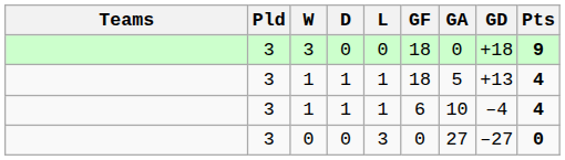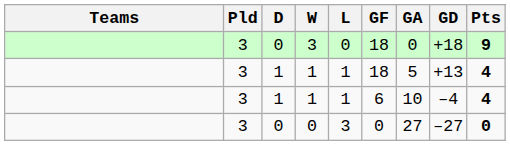 <table class="wikitable" style="text-align: center;">
 <tr>
 <th width=165>Teams</th>
 <th width=20>Pld</th>
+<th width=20>D</th>
 <th width=20>W</th>
-<th width=20>D</th>
 <th width=20>L</th>
 <th width=20>GF</th>
 <th width=20>GA</th>
 <th width=20>GD</th>
 <th width=20>Pts</th>
 </tr>
 <tr align=center style="background:#ccffcc;">
 <td style="text-align:left;"></td>
 <td>3</td>
+<td>0</td>
 <td>3</td>
-<td>0</td>
 <td>0</td>
 <td>18</td>
 <td>0</td>
 <td>+18</td>
 <td><strong>9</strong></td>
 </tr>
 <tr align=center>
 <td style="text-align:left;"></td>
 <td>3</td>
 <td>1</td>
 <td>1</td>
 <td>1</td>
 <td>18</td>
 <td>5</td>
 <td>+13</td>
 <td><strong>4</strong></td>
 </tr>
 <tr align=center>
 <td style="text-align:left;"></td>
 <td>3</td>
 <td>1</td>
 <td>1</td>
 <td>1</td>
 <td>6</td>
 <td>10</td>
 <td>–4</td>
 <td><strong>4</strong></td>
 </tr>
 <tr align=center>
 <td style="text-align:left;"></td>
 <td>3</td>
 <td>0</td>
 <td>0</td>
 <td>3</td>
 <td>0</td>
 <td>27</td>
 <td>–27</td>
 <td><strong>0</strong></td>
 </tr>
 </table>
